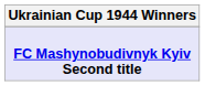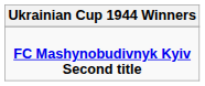 <table class="wikitable" style="text-align: center; margin: 0 auto;">
 <tr>
 <th>Ukrainian Cup 1944 Winners</th>
 </tr>
 <tr>
 </tr>
 <tr>
-<td style="background: lavender;"><br><strong><a href='#'>FC Mashynobudivnyk Kyiv</a></strong><br><strong>Second title</strong></td>
+<td><br><strong><a href='#'>FC Mashynobudivnyk Kyiv</a></strong><br><strong>Second title</strong></td>
 </tr>
 </table>
